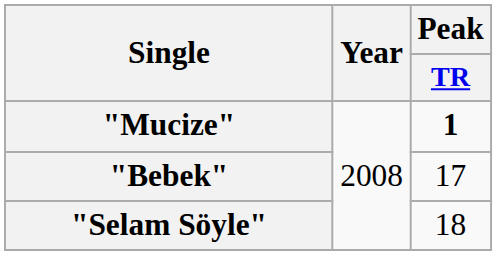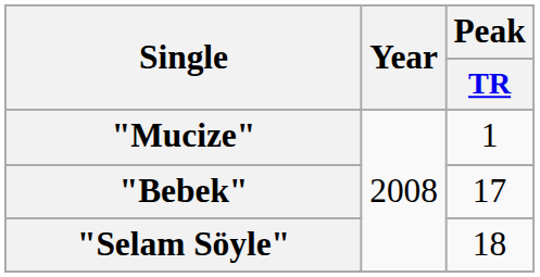 <table class="wikitable plainrowheaders" style="text-align:center;">
 <tr>
 <th scope="col" rowspan="2" style="width:10em;">Single</th>
 <th scope="col" rowspan="2">Year</th>
 <th scope="col">Peak</th>
 </tr>
 <tr>
 <th scope="col" style="width:1em;font-size:90%;"><a href='#'>TR</a><br></th>
 </tr>
 <tr>
 <th scope="row">"Mucize"</th>
 <td rowspan="3">2008</td>
-<td><strong>1</strong></td>
+<td>1</td>
 </tr>
 <tr>
 <th scope="row">"Bebek"</th>
 <td>17</td>
 </tr>
 <tr>
 <th scope="row">"Selam Söyle"</th>
 <td>18</td>
 </tr>
 <tr>
 </tr>
 </table>
